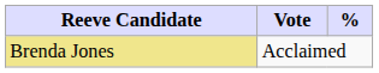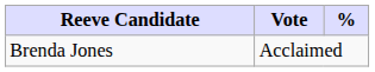 <table class="wikitable">
 <tr>
 <th style="background:#ddf; width:200px;">Reeve Candidate</th>
 <th style="background:#ddf; width:50px;">Vote</th>
 <th style="background:#ddf; width:30px;">%</th>
 </tr>
 <tr>
-<td style="background: khaki;">Brenda Jones</td>
+<td>Brenda Jones</td>
 <td colspan="2">Acclaimed</td>
 </tr>
 </table>
